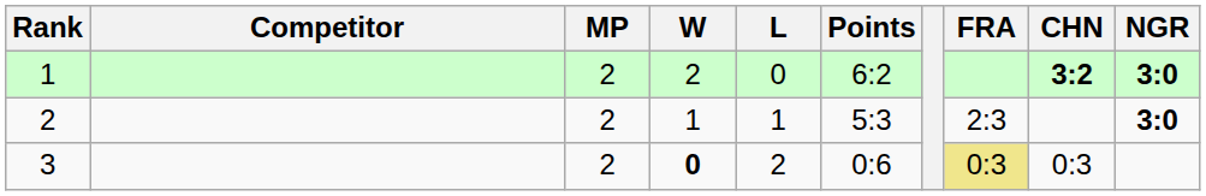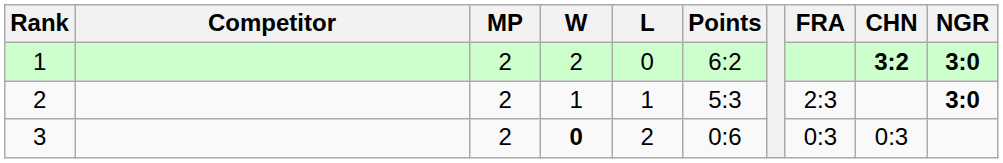 <table class="wikitable" style="text-align:center">
 <tr>
 <th>Rank</th>
 <th style="width:16em">Competitor</th>
 <th style="width:2.5em">MP</th>
 <th style="width:2.5em">W</th>
 <th style="width:2.5em">L</th>
 <th>Points</th>
 <th rowspan="4"> </th>
 <th style="width:2.5em">FRA</th>
 <th style="width:2.5em">CHN</th>
 <th style="width:2.5em">NGR</th>
 </tr>
 <tr style="background:#cfc;">
 <td>1</td>
 <td style="text-align:left"></td>
 <td>2</td>
 <td>2</td>
 <td>0</td>
 <td>6:2</td>
 <td></td>
 <td><strong>3:2</strong></td>
 <td><strong>3:0</strong></td>
 </tr>
 <tr>
 <td>2</td>
 <td style="text-align:left"></td>
 <td>2</td>
 <td>1</td>
 <td>1</td>
 <td>5:3</td>
 <td>2:3</td>
 <td></td>
 <td><strong>3:0</strong></td>
 </tr>
 <tr>
 <td>3</td>
 <td style="text-align:left"></td>
 <td>2</td>
 <td><strong>0</strong></td>
 <td>2</td>
 <td>0:6</td>
-<td style="background: khaki;">0:3</td>
+<td>0:3</td>
 <td>0:3</td>
 <td></td>
 </tr>
 </table>
